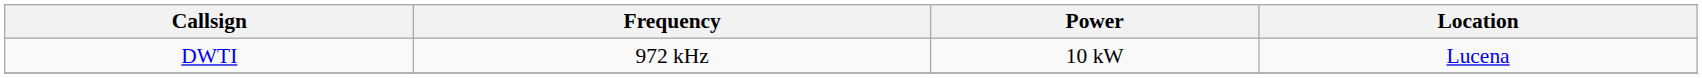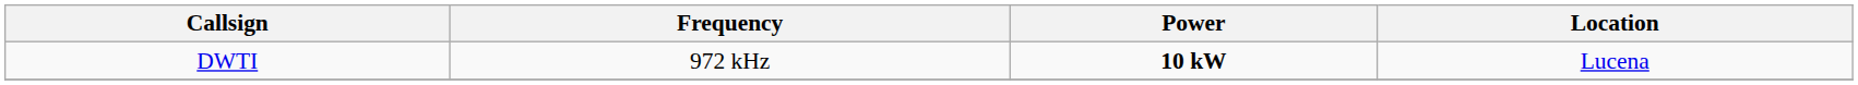 <table class="wikitable" style="width:100%; text-align:center;">
 <tr>
 <th>Callsign</th>
 <th>Frequency</th>
 <th>Power</th>
 <th>Location</th>
 </tr>
 <tr>
 <td><a href='#'>DWTI</a></td>
 <td>972 kHz</td>
-<td>10 kW</td>
+<td><strong>10 kW</strong></td>
 <td><a href='#'>Lucena</a></td>
 </tr>
 <tr>
 </tr>
 </table>
